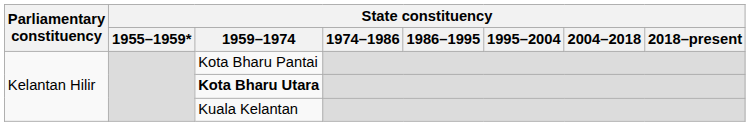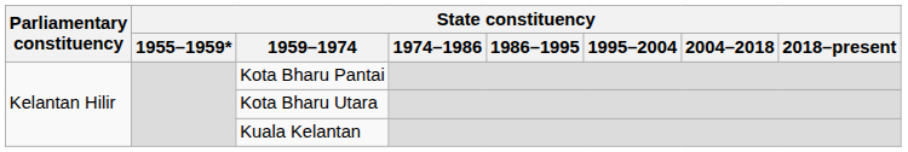 <table class="wikitable">
 <tr>
 <th rowspan="2">Parliamentary<br>constituency</th>
 <th colspan="7">State constituency</th>
 </tr>
 <tr>
 <th>1955–1959*</th>
 <th>1959–1974</th>
 <th>1974–1986</th>
 <th>1986–1995</th>
 <th>1995–2004</th>
 <th>2004–2018</th>
 <th>2018–present</th>
 </tr>
 <tr>
 <td rowspan="3">Kelantan Hilir</td>
 <td rowspan="3" bgcolor="dcdcdc"></td>
 <td>Kota Bharu Pantai</td>
 <td colspan="5" bgcolor="dcdcdc"></td>
 </tr>
 <tr>
-<td><strong>Kota Bharu Utara</strong></td>
+<td>Kota Bharu Utara</td>
 <td colspan="5" bgcolor="dcdcdc"></td>
 </tr>
 <tr>
 <td>Kuala Kelantan</td>
 <td colspan="5" bgcolor="dcdcdc"></td>
 </tr>
 </table>
